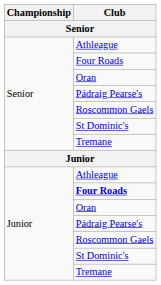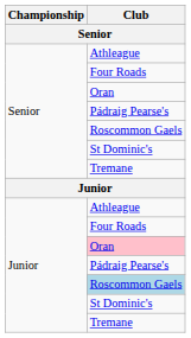 <table class="wikitable sortable">
 <tr>
 <th>Championship</th>
 <th>Club</th>
 </tr>
 <tr>
 <th colspan="2">Senior</th>
 </tr>
 <tr>
 <td rowspan="7">Senior</td>
 <td> <a href='#'>Athleague</a></td>
 </tr>
 <tr>
 <td> <a href='#'>Four Roads</a></td>
 </tr>
 <tr>
 <td> <a href='#'>Oran</a></td>
 </tr>
 <tr>
 <td> <a href='#'>Pádraig Pearse's</a></td>
 </tr>
 <tr>
 <td> <a href='#'>Roscommon Gaels</a></td>
 </tr>
 <tr>
 <td> <a href='#'>St Dominic's</a></td>
 </tr>
 <tr>
 <td> <a href='#'>Tremane</a></td>
 </tr>
 <tr>
 <th colspan="2">Junior</th>
 </tr>
 <tr>
 <td rowspan="7">Junior</td>
 <td> <a href='#'>Athleague</a></td>
 </tr>
 <tr>
-<td><strong> <a href='#'>Four Roads</a></strong></td>
+<td> <a href='#'>Four Roads</a></td>
 </tr>
 <tr>
-<td> <a href='#'>Oran</a></td>
+<td style="background: pink;"> <a href='#'>Oran</a></td>
 </tr>
 <tr>
 <td> <a href='#'>Pádraig Pearse's</a></td>
 </tr>
 <tr>
-<td> <a href='#'>Roscommon Gaels</a></td>
+<td style="background: lightblue;"> <a href='#'>Roscommon Gaels</a></td>
 </tr>
 <tr>
 <td> <a href='#'>St Dominic's</a></td>
 </tr>
 <tr>
 <td> <a href='#'>Tremane</a></td>
 </tr>
 </table>
